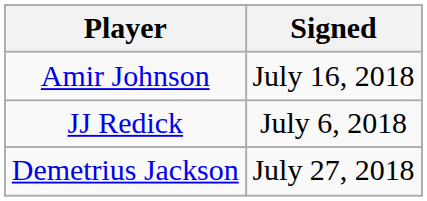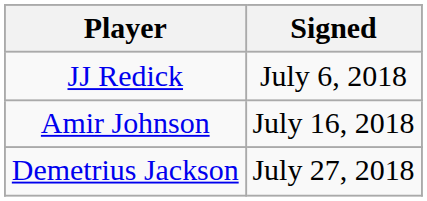 <table class="wikitable sortable sortable" style="text-align: center;">
 <tr>
 <th>Player</th>
 <th>Signed</th>
 </tr>
 <tr>
+<td><a href='#'>JJ Redick</a></td>
+<td>July 6, 2018</td>
+</tr>
+<tr>
 <td><a href='#'>Amir Johnson</a></td>
 <td>July 16, 2018</td>
-</tr>
-<tr>
-<td><a href='#'>JJ Redick</a></td>
-<td>July 6, 2018</td>
 </tr>
 <tr>
 <td><a href='#'>Demetrius Jackson</a></td>
 <td>July 27, 2018</td>
 </tr>
 </table>
